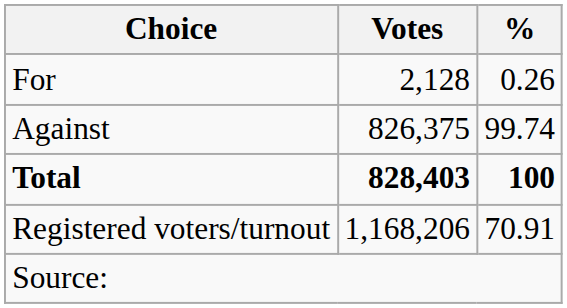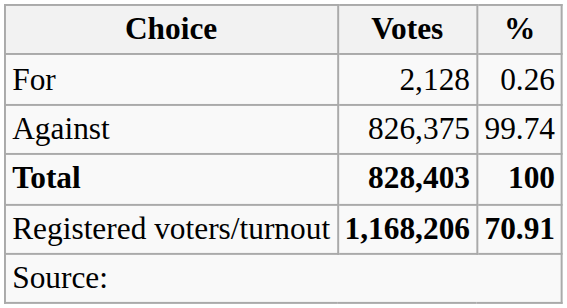 <table class=wikitable style=text-align:right>
 <tr>
 <th>Choice</th>
 <th>Votes</th>
 <th>%</th>
 </tr>
 <tr>
 <td align=left>For</td>
 <td>2,128</td>
 <td>0.26</td>
 </tr>
 <tr>
 <td align=left>Against</td>
 <td>826,375</td>
 <td>99.74</td>
 </tr>
 <tr>
 <td align=left><strong>Total</strong></td>
 <td><strong>828,403</strong></td>
 <td><strong>100</strong></td>
 </tr>
 <tr>
 <td align=left>Registered voters/turnout</td>
-<td>1,168,206</td>
-<td>70.91</td>
+<td><strong>1,168,206</strong></td>
+<td><strong>70.91</strong></td>
 </tr>
 <tr>
 <td align=left colspan=3>Source: </td>
 </tr>
 </table>
